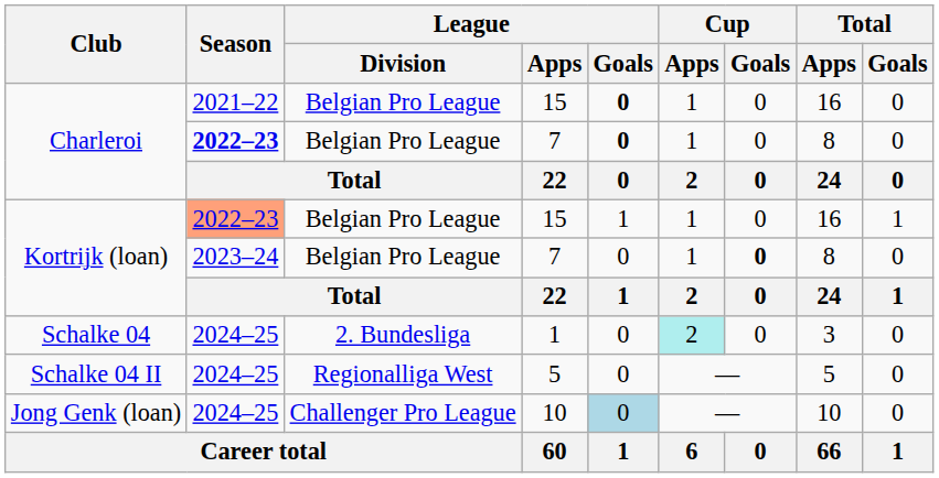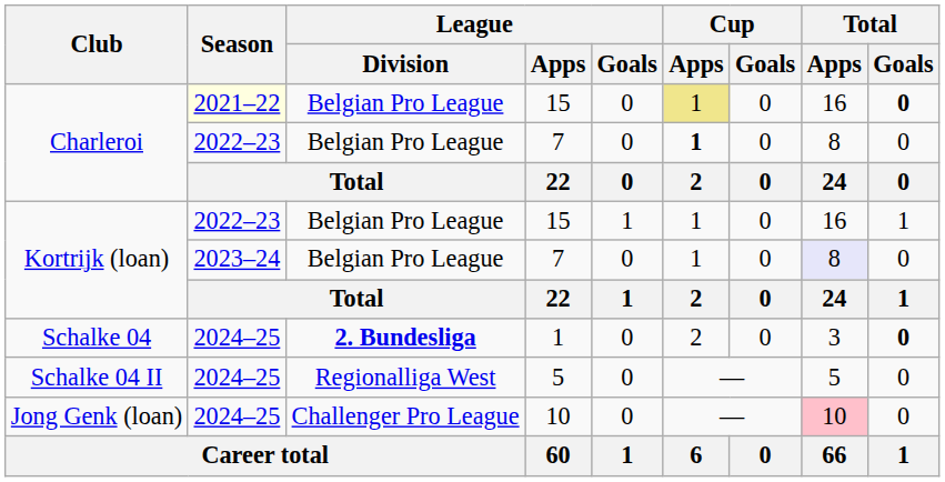 <table class="wikitable nowrap" style="text-align:center">
 <tr>
 <th rowspan="2">Club</th>
 <th rowspan="2">Season</th>
 <th colspan="3">League</th>
 <th colspan="2">Cup</th>
 <th colspan="2">Total</th>
 </tr>
 <tr>
 <th>Division</th>
 <th>Apps</th>
 <th>Goals</th>
 <th>Apps</th>
 <th>Goals</th>
 <th>Apps</th>
 <th>Goals</th>
 </tr>
 <tr>
 <td rowspan="3"><a href='#'>Charleroi</a></td>
-<td><a href='#'>2021–22</a></td>
+<td style="background: lightyellow;"><a href='#'>2021–22</a></td>
 <td><a href='#'>Belgian Pro League</a></td>
 <td>15</td>
-<td><strong>0</strong></td>
-<td>1</td>
+<td>0</td>
+<td style="background: khaki;">1</td>
 <td>0</td>
 <td>16</td>
-<td>0</td>
+<td><strong>0</strong></td>
 </tr>
 <tr>
-<td><strong><a href='#'>2022–23</a></strong></td>
+<td><a href='#'>2022–23</a></td>
 <td>Belgian Pro League</td>
 <td>7</td>
-<td><strong>0</strong></td>
-<td>1</td>
+<td>0</td>
+<td><strong>1</strong></td>
 <td>0</td>
 <td>8</td>
 <td>0</td>
 </tr>
 <tr>
 <th colspan="2">Total</th>
 <th>22</th>
 <th>0</th>
 <th>2</th>
 <th>0</th>
 <th>24</th>
 <th>0</th>
 </tr>
 <tr>
 <td rowspan="3"><a href='#'>Kortrijk</a> (loan)</td>
-<td style="background: lightsalmon;"><a href='#'>2022–23</a></td>
+<td><a href='#'>2022–23</a></td>
 <td>Belgian Pro League</td>
 <td>15</td>
 <td>1</td>
 <td>1</td>
 <td>0</td>
 <td>16</td>
 <td>1</td>
 </tr>
 <tr>
 <td><a href='#'>2023–24</a></td>
 <td>Belgian Pro League</td>
 <td>7</td>
 <td>0</td>
 <td>1</td>
-<td><strong>0</strong></td>
-<td>8</td>
+<td>0</td>
+<td style="background: lavender;">8</td>
 <td>0</td>
 </tr>
 <tr>
 <th colspan="2">Total</th>
 <th>22</th>
 <th>1</th>
 <th>2</th>
 <th>0</th>
 <th>24</th>
 <th>1</th>
 </tr>
 <tr>
 <td><a href='#'>Schalke 04</a></td>
 <td><a href='#'>2024–25</a></td>
-<td><a href='#'>2. Bundesliga</a></td>
+<td><strong><a href='#'>2. Bundesliga</a></strong></td>
 <td>1</td>
 <td>0</td>
-<td style="background: paleturquoise;">2</td>
+<td>2</td>
 <td>0</td>
 <td>3</td>
-<td>0</td>
+<td><strong>0</strong></td>
 </tr>
 <tr>
 <td><a href='#'>Schalke 04 II</a></td>
 <td><a href='#'>2024–25</a></td>
 <td><a href='#'>Regionalliga West</a></td>
 <td>5</td>
 <td>0</td>
 <td colspan="2">—</td>
 <td>5</td>
 <td>0</td>
 </tr>
 <tr>
 <td><a href='#'>Jong Genk</a> (loan)</td>
 <td><a href='#'>2024–25</a></td>
 <td><a href='#'>Challenger Pro League</a></td>
 <td>10</td>
-<td style="background: lightblue;">0</td>
+<td>0</td>
 <td colspan="2">—</td>
-<td>10</td>
+<td style="background: pink;">10</td>
 <td>0</td>
 </tr>
 <tr>
 <th colspan="3">Career total</th>
 <th>60</th>
 <th>1</th>
 <th>6</th>
 <th>0</th>
 <th>66</th>
 <th>1</th>
 </tr>
 </table>
